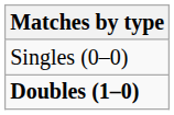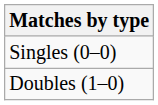 <table class=wikitable>
 <tr>
 <th>Matches by type</th>
 </tr>
 <tr>
 <td>Singles (0–0)</td>
 </tr>
 <tr>
-<td><strong>Doubles (1–0)</strong></td>
+<td>Doubles (1–0)</td>
 </tr>
 </table>
